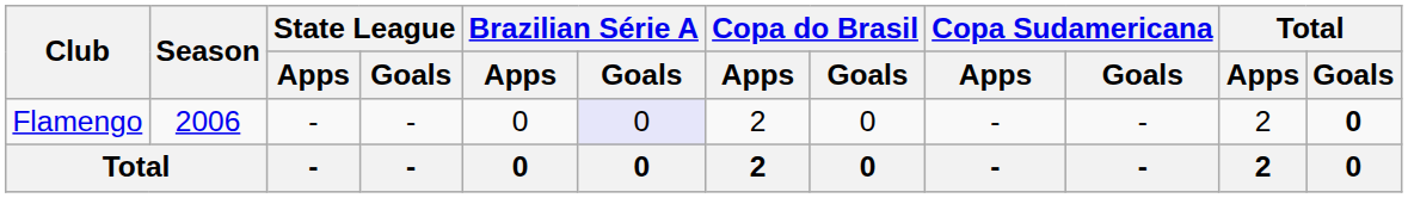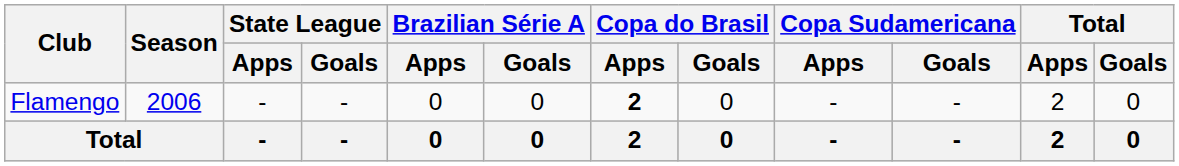 <table class="wikitable" style="text-align: center;">
 <tr>
 <th rowspan="2">Club</th>
 <th rowspan="2">Season</th>
 <th colspan="2">State League</th>
 <th colspan="2"><a href='#'>Brazilian Série A</a></th>
 <th colspan="2"><a href='#'>Copa do Brasil</a></th>
 <th colspan="2"><a href='#'>Copa Sudamericana</a></th>
 <th colspan="2">Total</th>
 </tr>
 <tr>
 <th>Apps</th>
 <th>Goals</th>
 <th>Apps</th>
 <th>Goals</th>
 <th>Apps</th>
 <th>Goals</th>
 <th>Apps</th>
 <th>Goals</th>
 <th>Apps</th>
 <th>Goals</th>
 </tr>
 <tr>
 <td rowspan="1" valign="center"><a href='#'>Flamengo</a></td>
 <td><a href='#'>2006</a></td>
 <td>-</td>
 <td>-</td>
 <td>0</td>
-<td style="background: lavender;">0</td>
-<td>2</td>
+<td>0</td>
+<td><strong>2</strong></td>
 <td>0</td>
 <td>-</td>
 <td>-</td>
 <td>2</td>
-<td><strong>0</strong></td>
+<td>0</td>
 </tr>
 <tr>
 <th colspan="2"><strong>Total</strong></th>
 <th>-</th>
 <th>-</th>
 <th>0</th>
 <th>0</th>
 <th>2</th>
 <th>0</th>
 <th>-</th>
 <th>-</th>
 <th>2</th>
 <th>0</th>
 </tr>
 </table>
